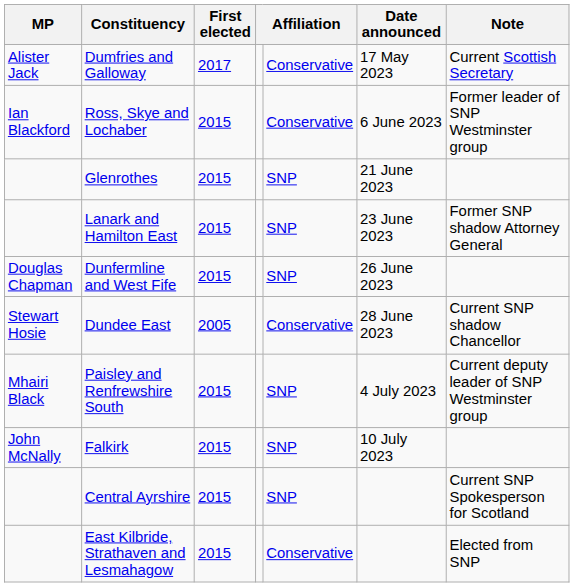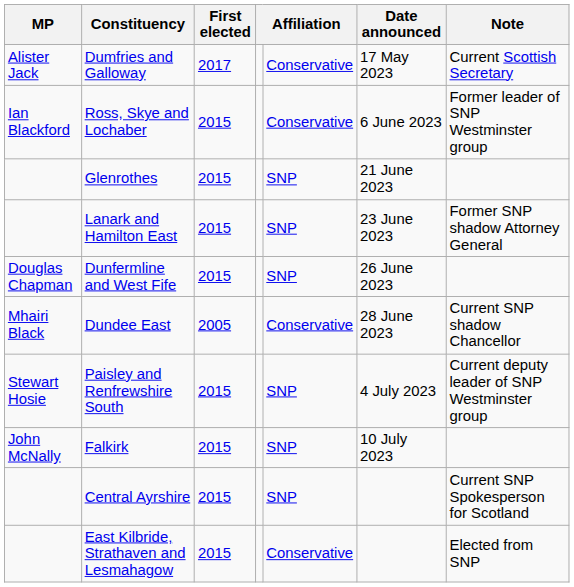 <table class="wikitable sortable">
 <tr>
 <th scope="col">MP</th>
 <th scope="col">Consti­tuency</th>
 <th scope="col">First elected</th>
 <th colspan="2" scope="col">Affiliation</th>
 <th scope="col">Date announced</th>
 <th scope="col">Note</th>
 </tr>
 <tr>
 <td><a href='#'>Alister Jack</a></td>
 <td><a href='#'>Dumfries and Galloway</a></td>
 <td><a href='#'>2017</a></td>
 <td style="color:inherit;background:"></td>
 <td><a href='#'>Conservative</a></td>
 <td>17 May 2023</td>
 <td>Current <a href='#'>Scottish Secretary</a></td>
 </tr>
 <tr>
 <td><a href='#'>Ian Blackford</a></td>
 <td><a href='#'>Ross, Skye and Lochaber</a></td>
 <td><a href='#'>2015</a></td>
 <td style="color:inherit;background:"></td>
 <td><a href='#'>Conservative</a></td>
 <td>6 June 2023</td>
 <td>Former leader of SNP Westminster group</td>
 </tr>
 <tr>
 <td></td>
 <td><a href='#'>Glenrothes</a></td>
 <td><a href='#'>2015</a></td>
 <td style="color:inherit;background:"></td>
 <td><a href='#'>SNP</a></td>
 <td>21 June 2023</td>
 <td></td>
 </tr>
 <tr>
 <td></td>
 <td><a href='#'>Lanark and Hamilton East</a></td>
 <td><a href='#'>2015</a></td>
 <td style="color:inherit;background:"></td>
 <td><a href='#'>SNP</a></td>
 <td>23 June 2023</td>
 <td>Former SNP shadow Attorney General</td>
 </tr>
 <tr>
 <td><a href='#'>Douglas Chapman</a></td>
 <td><a href='#'>Dunfermline and West Fife</a></td>
 <td><a href='#'>2015</a></td>
 <td style="color:inherit;background:"></td>
 <td><a href='#'>SNP</a></td>
 <td>26 June 2023</td>
 <td></td>
 </tr>
 <tr>
-<td><a href='#'>Stewart Hosie</a></td>
+<td><a href='#'>Mhairi Black</a></td>
 <td><a href='#'>Dundee East</a></td>
 <td><a href='#'>2005</a></td>
 <td style="color:inherit;background:"></td>
 <td><a href='#'>Conservative</a></td>
 <td>28 June 2023</td>
 <td>Current SNP shadow Chancellor</td>
 </tr>
 <tr>
-<td><a href='#'>Mhairi Black</a></td>
+<td><a href='#'>Stewart Hosie</a></td>
 <td><a href='#'>Paisley and Renfrewshire South</a></td>
 <td><a href='#'>2015</a></td>
 <td style="color:inherit;background:"></td>
 <td><a href='#'>SNP</a></td>
 <td>4 July 2023</td>
 <td>Current deputy leader of SNP Westminster group</td>
 </tr>
 <tr>
 <td><a href='#'>John McNally</a></td>
 <td><a href='#'>Falkirk</a></td>
 <td><a href='#'>2015</a></td>
 <td style="color:inherit;background:"></td>
 <td><a href='#'>SNP</a></td>
 <td>10 July 2023</td>
 <td></td>
 </tr>
 <tr>
 <td></td>
 <td><a href='#'>Central Ayrshire</a></td>
 <td><a href='#'>2015</a></td>
 <td style="color:inherit;background:"></td>
 <td><a href='#'>SNP</a></td>
 <td></td>
 <td>Current SNP Spokesperson for Scotland</td>
 </tr>
 <tr>
 <td></td>
 <td><a href='#'>East Kilbride, Strathaven and Lesmahagow</a></td>
 <td><a href='#'>2015</a></td>
 <td style="color:inherit;background:"></td>
 <td><a href='#'>Conservative</a></td>
 <td></td>
 <td>Elected from SNP</td>
 </tr>
 </table>
